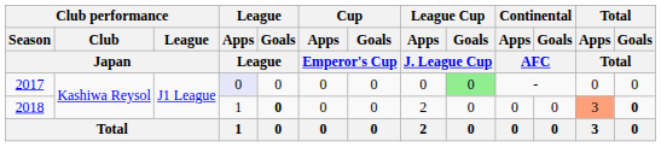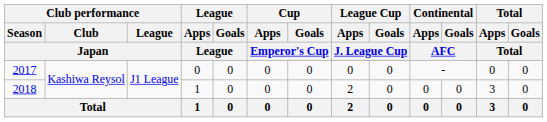 <table class="wikitable" style="text-align:center;">
 <tr>
 <th colspan=3>Club performance</th>
 <th colspan=2>League</th>
 <th colspan=2>Cup</th>
 <th colspan=2>League Cup</th>
 <th colspan=2>Continental</th>
 <th colspan=2>Total</th>
 </tr>
 <tr>
 <th>Season</th>
 <th>Club</th>
 <th>League</th>
 <th>Apps</th>
 <th>Goals</th>
 <th>Apps</th>
 <th>Goals</th>
 <th>Apps</th>
 <th>Goals</th>
 <th>Apps</th>
 <th>Goals</th>
 <th>Apps</th>
 <th>Goals</th>
 </tr>
 <tr>
 <th colspan=3>Japan</th>
 <th colspan=2>League</th>
 <th colspan=2><a href='#'>Emperor's Cup</a></th>
 <th colspan=2><a href='#'>J. League Cup</a></th>
 <th colspan=2><a href='#'>AFC</a></th>
 <th colspan=2>Total</th>
 </tr>
 <tr>
 <td><a href='#'>2017</a></td>
 <td rowspan="2"><a href='#'>Kashiwa Reysol</a></td>
 <td rowspan="2"><a href='#'>J1 League</a></td>
-<td style="background: lavender;">0</td>
 <td>0</td>
 <td>0</td>
 <td>0</td>
 <td>0</td>
-<td style="background: lightgreen;">0</td>
+<td>0</td>
+<td>0</td>
 <td colspan=2>-</td>
 <td>0</td>
 <td>0</td>
 </tr>
 <tr>
 <td><a href='#'>2018</a></td>
 <td>1</td>
-<td><strong>0</strong></td>
+<td>0</td>
 <td>0</td>
 <td>0</td>
 <td>2</td>
 <td>0</td>
 <td>0</td>
 <td>0</td>
-<td style="background: lightsalmon;">3</td>
-<td><strong>0</strong></td>
+<td>3</td>
+<td>0</td>
 </tr>
 <tr>
 <th colspan=3>Total</th>
 <th>1</th>
 <th>0</th>
 <th>0</th>
 <th>0</th>
 <th>2</th>
 <th>0</th>
 <th>0</th>
 <th>0</th>
 <th>3</th>
 <th>0</th>
 </tr>
 </table>
